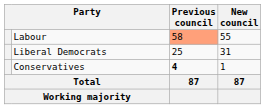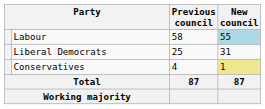 <table class="wikitable">
 <tr>
 <th valign=top colspan="2" style="width: 230px">Party</th>
 <th valign=top style="width: 30px">Previous council</th>
 <th valign=top style="width: 30px">New council</th>
 </tr>
 <tr>
 <th style="background-color: "></th>
 <td>Labour</td>
-<td style="background: lightsalmon;">58</td>
-<td>55</td>
+<td>58</td>
+<td style="background: lightblue;">55</td>
 </tr>
 <tr>
 <th style="background-color: "></th>
 <td>Liberal Democrats</td>
 <td>25</td>
 <td>31</td>
 </tr>
 <tr>
 <th style="background-color: "></th>
 <td>Conservatives</td>
-<td><strong>4</strong></td>
-<td>1</td>
+<td>4</td>
+<td style="background: khaki;">1</td>
 </tr>
 <tr>
 <th colspan=2>Total</th>
 <th style="text-align: center">87</th>
 <th colspan=3>87</th>
 </tr>
 <tr>
 <th colspan=2>Working majority</th>
 <th></th>
 <th></th>
 </tr>
 </table>
